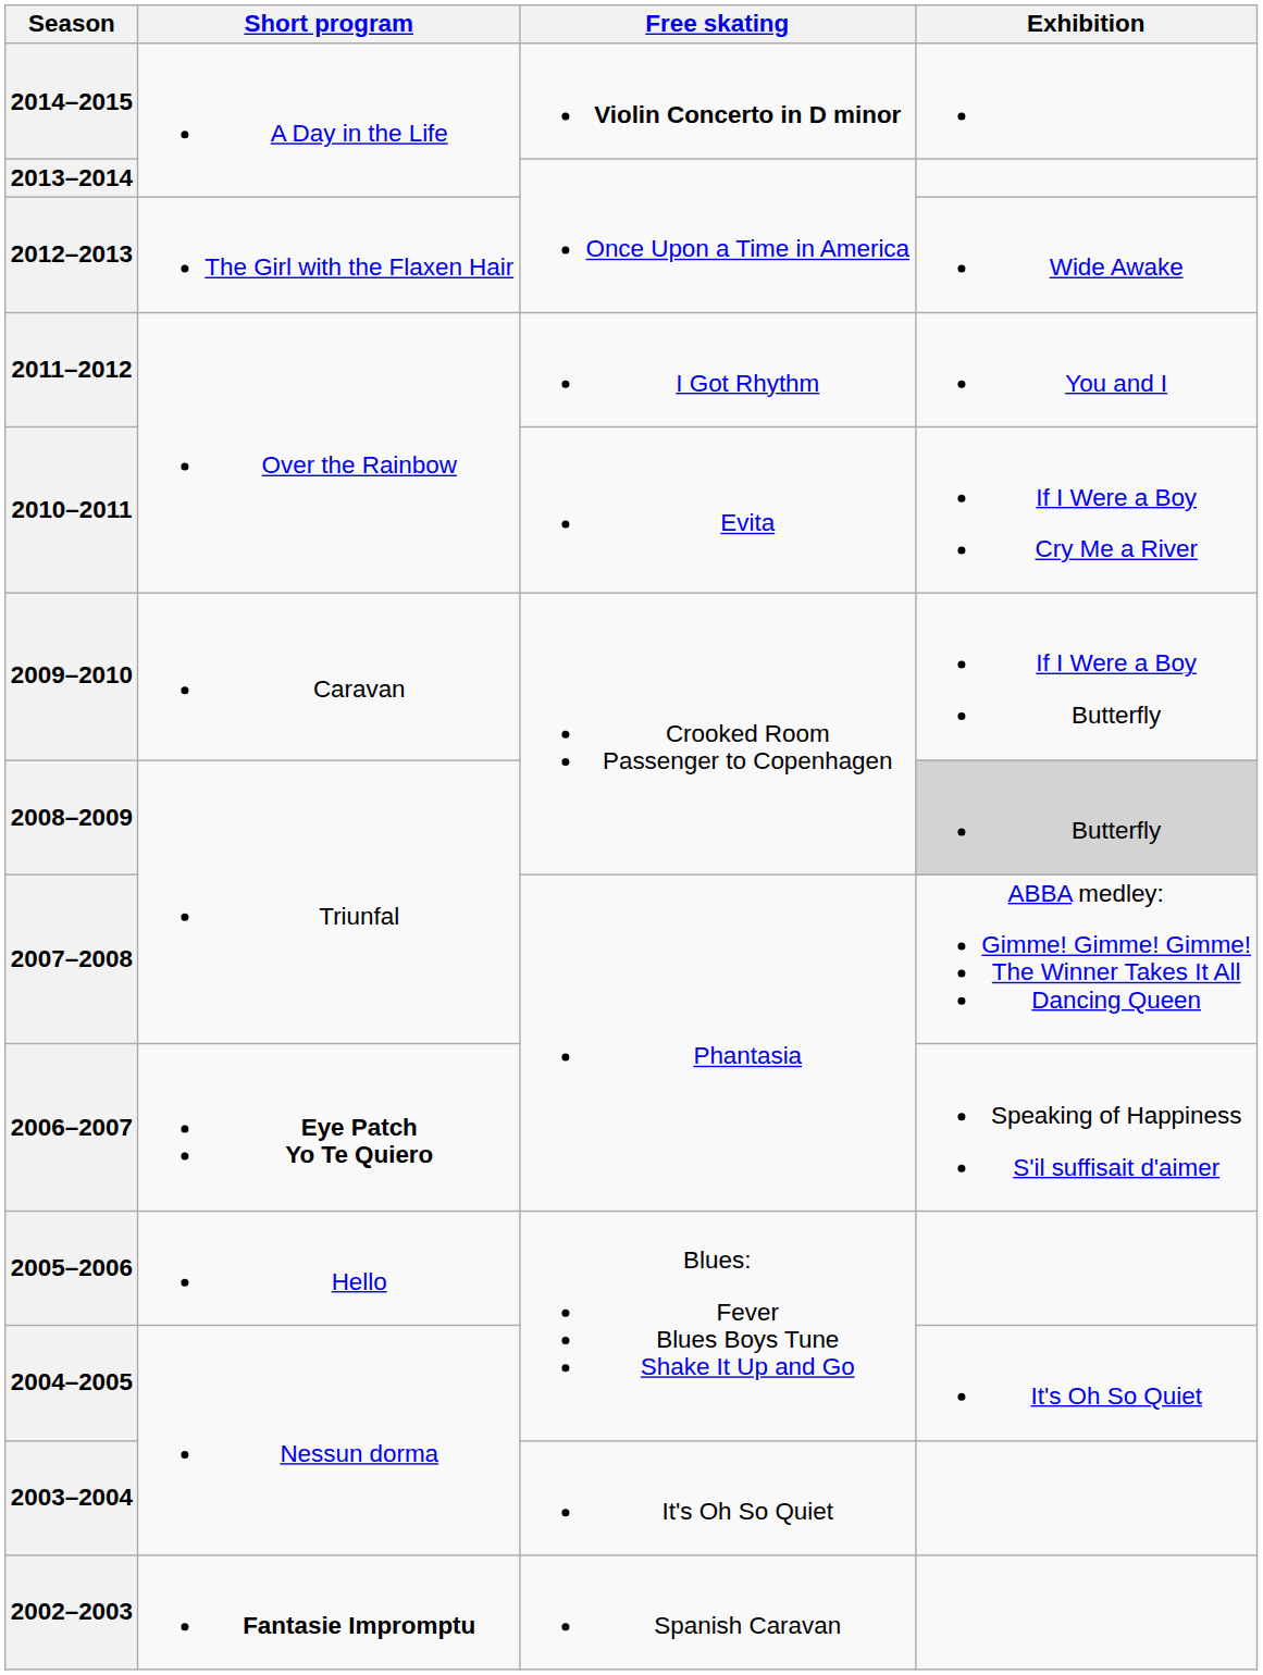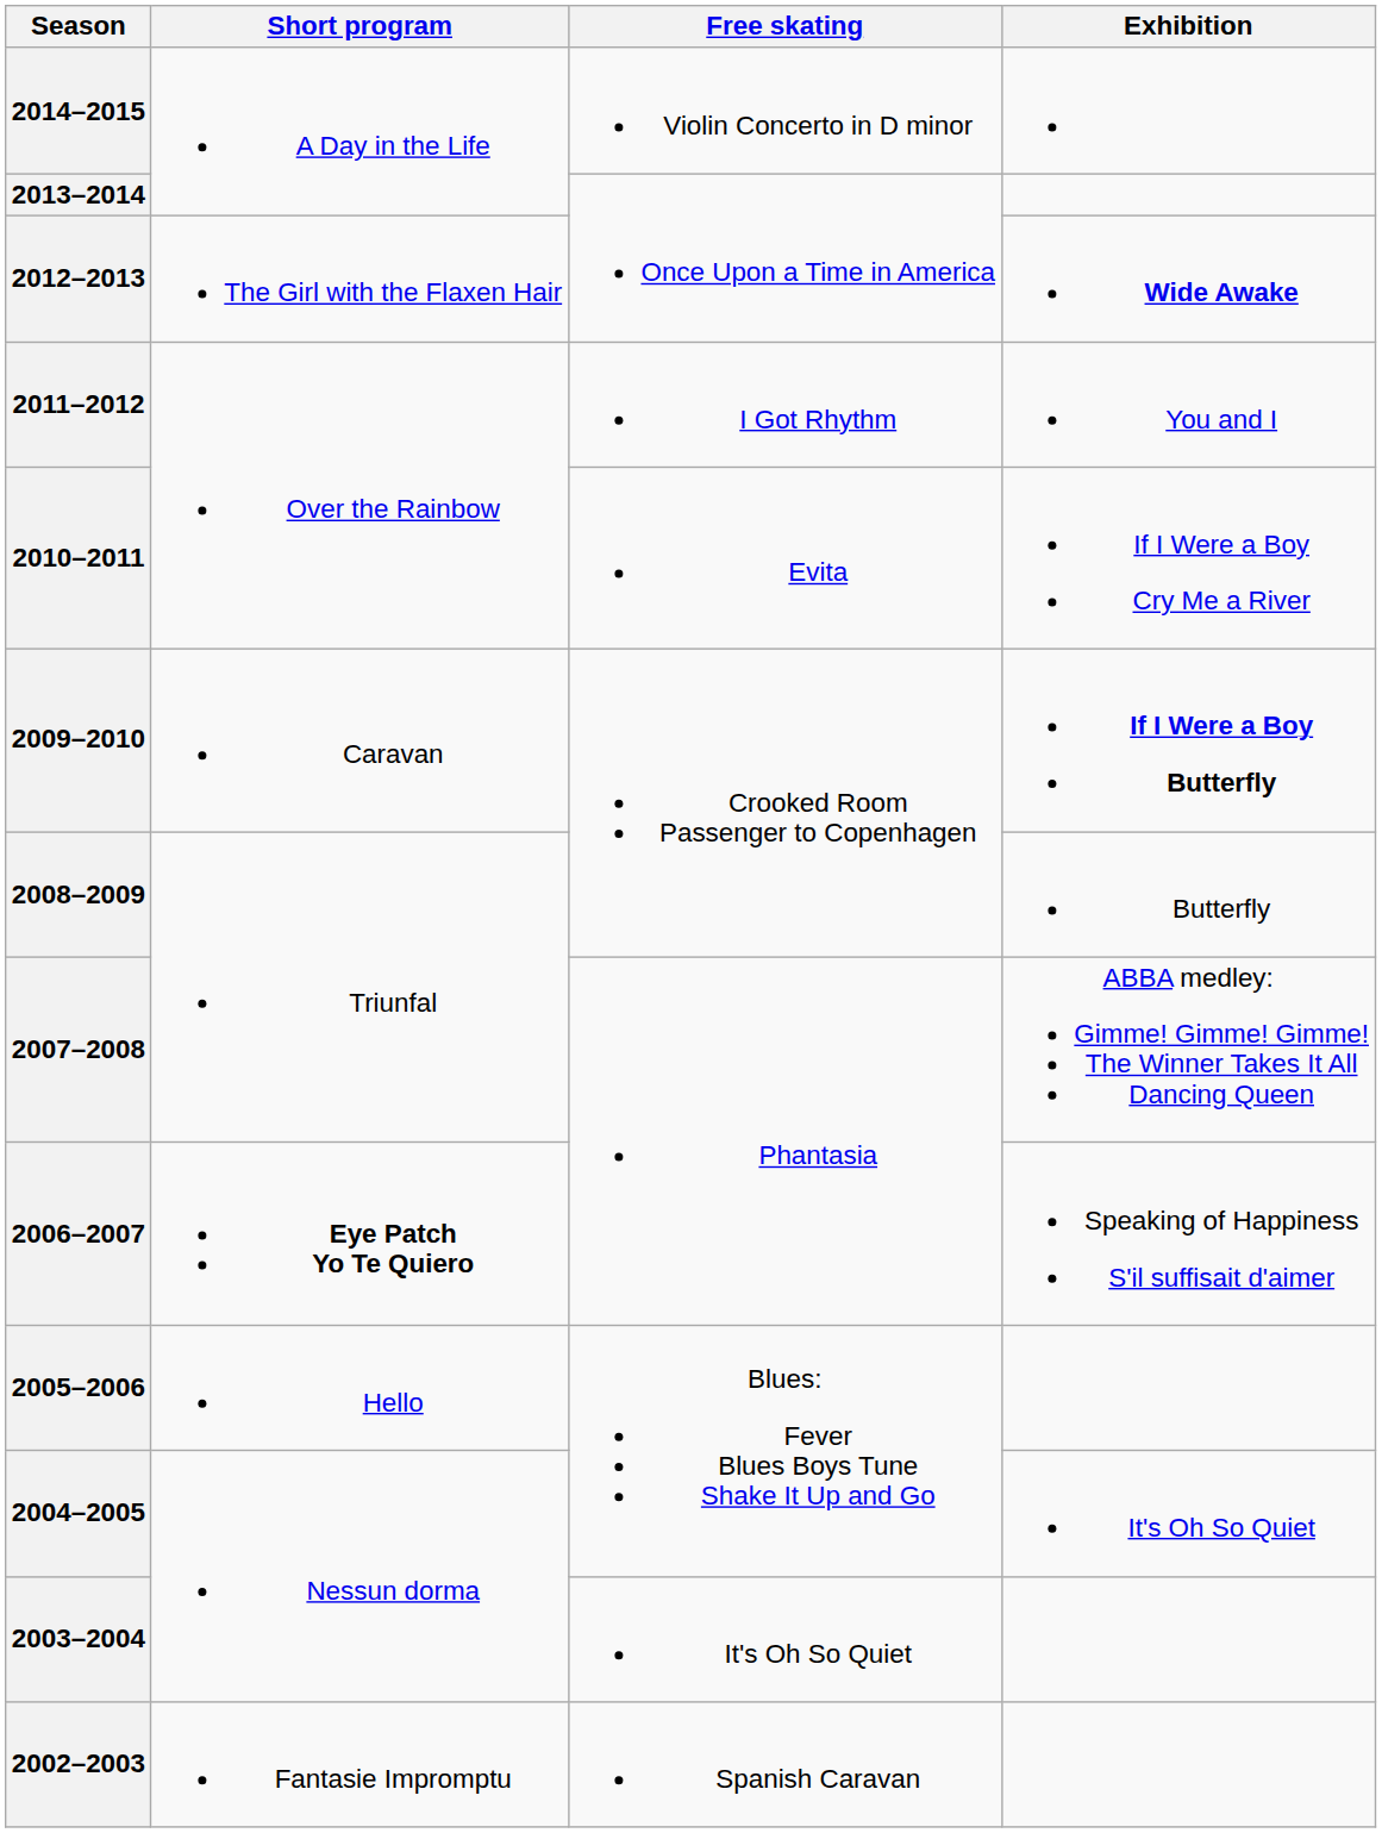 <table class="wikitable" style="text-align:center">
 <tr>
 <th>Season</th>
 <th><a href='#'>Short program</a></th>
 <th><a href='#'>Free skating</a></th>
 <th>Exhibition</th>
 </tr>
 <tr>
 <th>2014–2015 <br></th>
 <td rowspan=2><br><ul><li><a href='#'>A Day in the Life</a> <br></li></ul></td>
-<td><strong><br><ul><li>Violin Concerto in D minor <br></li></ul></strong></td>
+<td><br><ul><li>Violin Concerto in D minor <br></li></ul></td>
 <td><br><ul><li></li></ul></td>
 </tr>
 <tr>
 <th>2013–2014 <br></th>
 <td rowspan=2><br><ul><li><a href='#'>Once Upon a Time in America</a> <br></li></ul></td>
 <td></td>
 </tr>
 <tr>
 <th>2012–2013 <br></th>
 <td><br><ul><li><a href='#'>The Girl with the Flaxen Hair</a> <br></li></ul></td>
-<td><br><ul><li><a href='#'>Wide Awake</a> <br></li></ul></td>
+<td><strong><br><ul><li><a href='#'>Wide Awake</a> <br></li></ul></strong></td>
 </tr>
 <tr>
 <th>2011–2012 <br></th>
 <td rowspan=2><br><ul><li><a href='#'>Over the Rainbow</a> <br></li></ul></td>
 <td><br><ul><li><a href='#'>I Got Rhythm</a> <br></li></ul></td>
 <td><br><ul><li><a href='#'>You and I</a> <br></li></ul></td>
 </tr>
 <tr>
 <th>2010–2011 <br></th>
 <td><br><ul><li><a href='#'>Evita</a> <br></li></ul></td>
 <td><br><ul><li><a href='#'>If I Were a Boy</a>  <br> </li></ul><ul><li><a href='#'>Cry Me a River</a> <br> </li></ul></td>
 </tr>
 <tr>
 <th>2009–2010 <br></th>
 <td><br><ul><li>Caravan <br></li></ul></td>
 <td rowspan=2><br><ul><li>Crooked Room</li><li>Passenger to Copenhagen <br></li></ul></td>
-<td><br><ul><li><a href='#'>If I Were a Boy</a> <br></li></ul><ul><li>Butterfly <br></li></ul></td>
+<td><strong><br><ul><li><a href='#'>If I Were a Boy</a> <br></li></ul><ul><li>Butterfly <br></li></ul></strong></td>
 </tr>
 <tr>
 <th>2008–2009 <br></th>
 <td rowspan=2><br><ul><li>Triunfal <br></li></ul></td>
-<td style="background: lightgrey;"><br><ul><li>Butterfly <br></li></ul></td>
+<td><br><ul><li>Butterfly <br></li></ul></td>
 </tr>
 <tr>
 <th>2007–2008 <br></th>
 <td rowspan=2><br><ul><li><a href='#'>Phantasia</a> <br></li></ul></td>
 <td><a href='#'>ABBA</a> medley:<br><ul><li><a href='#'>Gimme! Gimme! Gimme!</a></li><li><a href='#'>The Winner Takes It All</a></li><li><a href='#'>Dancing Queen</a></li></ul></td>
 </tr>
 <tr>
 <th>2006–2007 <br></th>
 <td><strong><br><ul><li>Eye Patch</li><li>Yo Te Quiero <br></li></ul></strong></td>
 <td><br><ul><li>Speaking of Happiness <br></li></ul><ul><li><a href='#'>S'il suffisait d'aimer</a> <br></li></ul></td>
 </tr>
 <tr>
 <th>2005–2006 <br></th>
 <td><br><ul><li><a href='#'>Hello</a> <br></li></ul></td>
 <td rowspan=2>Blues:<br><ul><li>Fever <br></li><li>Blues Boys Tune</li><li><a href='#'>Shake It Up and Go</a> <br></li></ul></td>
 <td></td>
 </tr>
 <tr>
 <th>2004–2005 <br></th>
 <td rowspan=2><br><ul><li><a href='#'>Nessun dorma</a> <br></li></ul></td>
 <td><br><ul><li><a href='#'>It's Oh So Quiet</a> <br></li></ul></td>
 </tr>
 <tr>
 <th>2003–2004 <br></th>
 <td><br><ul><li>It's Oh So Quiet <br></li></ul></td>
 <td></td>
 </tr>
 <tr>
 <th>2002–2003 <br></th>
-<td><strong><br><ul><li>Fantasie Impromptu <br></li></ul></strong></td>
+<td><br><ul><li>Fantasie Impromptu <br></li></ul></td>
 <td><br><ul><li>Spanish Caravan <br></li></ul></td>
 <td></td>
 </tr>
 </table>
